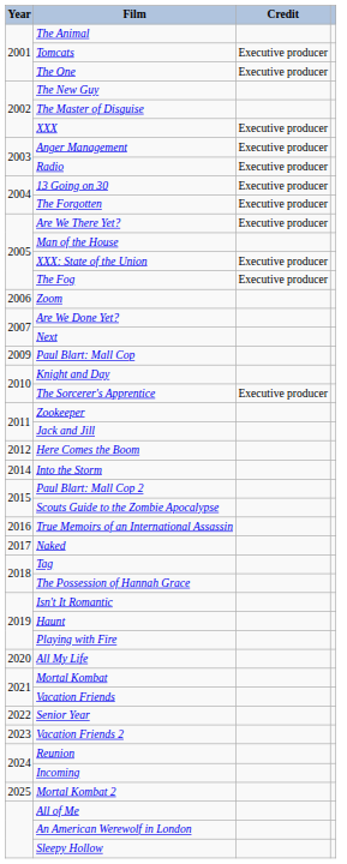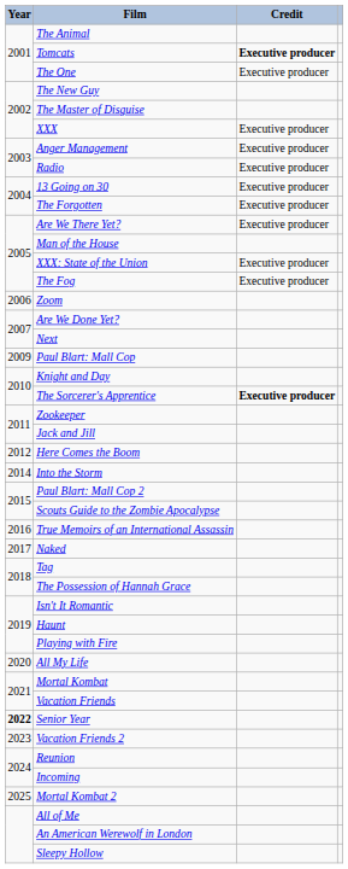 <table class="wikitable" style="font-size: 95%;" cellpadding="4" border="2" background: #f9f9f9;>
 <tr align="center">
 <th style="background:#B0C4DE;">Year</th>
 <th style="background:#B0C4DE;">Film</th>
 <th style="background:#B0C4DE;">Credit</th>
 <th style="background:#B0C4DE;"></th>
 </tr>
 <tr>
 <td rowspan=3>2001</td>
 <td><em><a href='#'>The Animal</a></em></td>
 <td></td>
 <td></td>
 </tr>
 <tr>
 <td><em><a href='#'>Tomcats</a></em></td>
-<td>Executive producer</td>
+<td><strong>Executive producer</strong></td>
 <td></td>
 </tr>
 <tr>
 <td><em><a href='#'>The One</a></em></td>
 <td>Executive producer</td>
 <td></td>
 </tr>
 <tr>
 <td rowspan=3>2002</td>
 <td><em><a href='#'>The New Guy</a></em></td>
 <td></td>
 <td></td>
 </tr>
 <tr>
 <td><em><a href='#'>The Master of Disguise</a></em></td>
 <td></td>
 <td></td>
 </tr>
 <tr>
 <td><em><a href='#'>XXX</a></em></td>
 <td>Executive producer</td>
 <td></td>
 </tr>
 <tr>
 <td rowspan=2>2003</td>
 <td><em><a href='#'>Anger Management</a></em></td>
 <td>Executive producer</td>
 <td></td>
 </tr>
 <tr>
 <td><em><a href='#'>Radio</a></em></td>
 <td>Executive producer</td>
 <td></td>
 </tr>
 <tr>
 <td rowspan=2>2004</td>
 <td><em><a href='#'>13 Going on 30</a></em></td>
 <td>Executive producer</td>
 <td></td>
 </tr>
 <tr>
 <td><em><a href='#'>The Forgotten</a></em></td>
 <td>Executive producer</td>
 <td></td>
 </tr>
 <tr>
 <td rowspan=4>2005</td>
 <td><em><a href='#'>Are We There Yet?</a></em></td>
 <td>Executive producer</td>
 <td></td>
 </tr>
 <tr>
 <td><em><a href='#'>Man of the House</a></em></td>
 <td></td>
 <td></td>
 </tr>
 <tr>
 <td><em><a href='#'>XXX: State of the Union</a></em></td>
 <td>Executive producer</td>
 <td></td>
 </tr>
 <tr>
 <td><em><a href='#'>The Fog</a></em></td>
 <td>Executive producer</td>
 <td></td>
 </tr>
 <tr>
 <td>2006</td>
 <td><em><a href='#'>Zoom</a></em></td>
 <td></td>
 <td></td>
 </tr>
 <tr>
 <td rowspan=2>2007</td>
 <td><em><a href='#'>Are We Done Yet?</a></em></td>
 <td></td>
 <td></td>
 </tr>
 <tr>
 <td><em><a href='#'>Next</a></em></td>
 <td></td>
 <td></td>
 </tr>
 <tr>
 <td>2009</td>
 <td><em><a href='#'>Paul Blart: Mall Cop</a></em></td>
 <td></td>
 <td></td>
 </tr>
 <tr>
 <td rowspan=2>2010</td>
 <td><em><a href='#'>Knight and Day</a></em></td>
 <td></td>
 <td></td>
 </tr>
 <tr>
 <td><em><a href='#'>The Sorcerer's Apprentice</a></em></td>
-<td>Executive producer</td>
+<td><strong>Executive producer</strong></td>
 <td></td>
 </tr>
 <tr>
 <td rowspan=2>2011</td>
 <td><em><a href='#'>Zookeeper</a></em></td>
 <td></td>
 <td></td>
 </tr>
 <tr>
 <td><em><a href='#'>Jack and Jill</a></em></td>
 <td></td>
 <td></td>
 </tr>
 <tr>
 <td>2012</td>
 <td><em><a href='#'>Here Comes the Boom</a></em></td>
 <td></td>
 <td></td>
 </tr>
 <tr>
 <td>2014</td>
 <td><em><a href='#'>Into the Storm</a></em></td>
 <td></td>
 <td></td>
 </tr>
 <tr>
 <td rowspan=2>2015</td>
 <td><em><a href='#'>Paul Blart: Mall Cop 2</a></em></td>
 <td></td>
 <td></td>
 </tr>
 <tr>
 <td><em><a href='#'>Scouts Guide to the Zombie Apocalypse</a></em></td>
 <td></td>
 <td></td>
 </tr>
 <tr>
 <td>2016</td>
 <td><em><a href='#'>True Memoirs of an International Assassin</a></em></td>
 <td></td>
 <td></td>
 </tr>
 <tr>
 <td>2017</td>
 <td><em><a href='#'>Naked</a></em></td>
 <td></td>
 <td></td>
 </tr>
 <tr>
 <td rowspan=2>2018</td>
 <td><em><a href='#'>Tag</a></em></td>
 <td></td>
 <td></td>
 </tr>
 <tr>
 <td><em><a href='#'>The Possession of Hannah Grace</a></em></td>
 <td></td>
 <td></td>
 </tr>
 <tr>
 <td rowspan=3>2019</td>
 <td><em><a href='#'>Isn't It Romantic</a></em></td>
 <td></td>
 <td></td>
 </tr>
 <tr>
 <td><em><a href='#'>Haunt</a></em></td>
 <td></td>
 <td></td>
 </tr>
 <tr>
 <td><em><a href='#'>Playing with Fire</a></em></td>
 <td></td>
 <td></td>
 </tr>
 <tr>
 <td>2020</td>
 <td><em><a href='#'>All My Life</a></em></td>
 <td></td>
 <td></td>
 </tr>
 <tr>
 <td rowspan=2>2021</td>
 <td><em><a href='#'>Mortal Kombat</a></em></td>
 <td></td>
 <td></td>
 </tr>
 <tr>
 <td><em><a href='#'>Vacation Friends</a></em></td>
 <td></td>
 <td></td>
 </tr>
 <tr>
-<td>2022</td>
+<td><strong>2022</strong></td>
 <td><em><a href='#'>Senior Year</a></em></td>
 <td></td>
 <td></td>
 </tr>
 <tr>
 <td>2023</td>
 <td><em><a href='#'>Vacation Friends 2</a></em></td>
 <td></td>
 <td></td>
 </tr>
 <tr>
 <td rowspan=2>2024</td>
 <td><em><a href='#'>Reunion</a></em></td>
 <td></td>
 <td></td>
 </tr>
 <tr>
 <td><em><a href='#'>Incoming</a></em></td>
 <td></td>
 <td></td>
 </tr>
 <tr>
 <td>2025</td>
 <td><em><a href='#'>Mortal Kombat 2</a></em></td>
 <td></td>
 <td></td>
 </tr>
 <tr>
 <td rowspan=3 style="text-align:center;"></td>
 <td><em><a href='#'>All of Me</a></em></td>
 <td></td>
 <td></td>
 </tr>
 <tr>
 <td><em><a href='#'>An American Werewolf in London</a></em></td>
 <td></td>
 <td></td>
 </tr>
 <tr>
 <td><em><a href='#'>Sleepy Hollow</a></em></td>
 <td></td>
 <td></td>
 </tr>
 </table>
